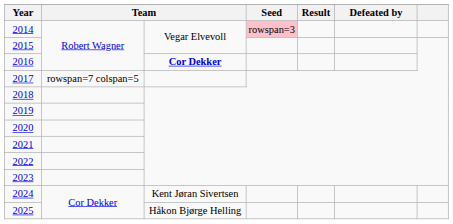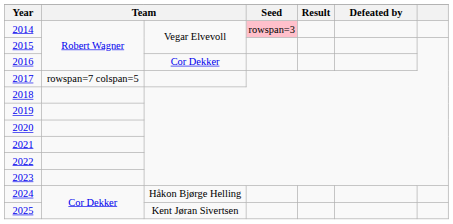 <table class="wikitable" style="text-align: center;">
 <tr style= "background: #e2e2e2;">
 </tr>
 <tr style="background: #efefef;">
 <th width=50px>Year</th>
 <th colspan="2">Team</th>
 <th width=50px>Seed</th>
 <th width=50px>Result</th>
 <th width=120px>Defeated by</th>
 <th width=40px></th>
 </tr>
 <tr>
 <td><a href='#'>2014</a></td>
 <td rowspan=3 width=150px><a href='#'>Robert Wagner</a></td>
 <td rowspan=2 width=150px>Vegar Elvevoll</td>
 <td style="background: pink;">rowspan=3 </td>
 <td></td>
 <td> </td>
 <td></td>
 </tr>
 <tr>
 <td><a href='#'>2015</a></td>
 <td></td>
 <td> </td>
 <td></td>
 </tr>
 <tr>
 <td><a href='#'>2016</a></td>
-<td><strong><a href='#'>Cor Dekker</a></strong></td>
+<td><a href='#'>Cor Dekker</a></td>
 <td></td>
 <td> </td>
 <td></td>
 </tr>
 <tr>
 <td><a href='#'>2017</a></td>
 <td>rowspan=7 colspan=5 </td>
 <td></td>
 </tr>
 <tr>
 <td><a href='#'>2018</a></td>
 <td></td>
 </tr>
 <tr>
 <td><a href='#'>2019</a></td>
 <td></td>
 </tr>
 <tr>
 <td><a href='#'>2020</a></td>
 <td></td>
 </tr>
 <tr>
 <td><a href='#'>2021</a></td>
 <td></td>
 </tr>
 <tr>
 <td><a href='#'>2022</a></td>
 <td></td>
 </tr>
 <tr>
 <td><a href='#'>2023</a></td>
 <td></td>
 </tr>
 <tr>
 <td><a href='#'>2024</a></td>
 <td rowspan=2><a href='#'>Cor Dekker</a></td>
-<td>Kent Jøran Sivertsen</td>
+<td>Håkon Bjørge Helling</td>
 <td></td>
 <td></td>
 <td> </td>
 <td></td>
 </tr>
 <tr>
 <td><a href='#'>2025</a></td>
-<td>Håkon Bjørge Helling</td>
+<td>Kent Jøran Sivertsen</td>
 <td></td>
 <td></td>
 <td></td>
 <td></td>
 </tr>
 </table>
